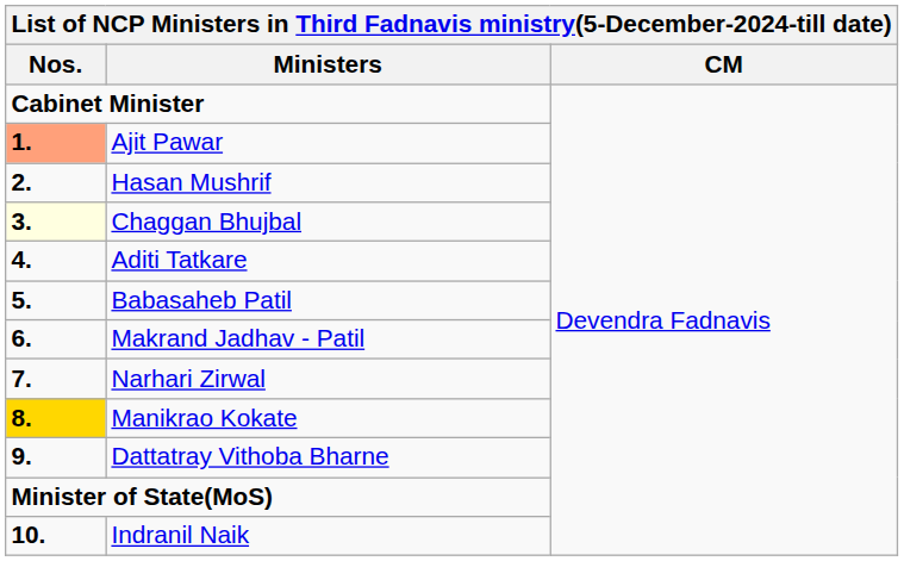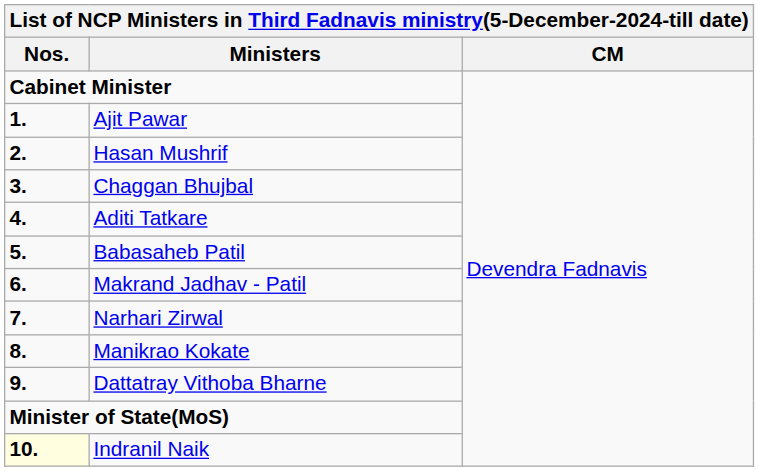 <table class="wikitable">
 <tr>
 <th colspan="3">List of NCP Ministers in <a href='#'>Third Fadnavis ministry</a>(5-December-2024-till date)</th>
 </tr>
 <tr>
 <th>Nos.</th>
 <th>Ministers</th>
 <th>CM</th>
 </tr>
 <tr>
 <td colspan="2"><strong>Cabinet Minister</strong></td>
 <td rowspan="12"><a href='#'>Devendra Fadnavis</a></td>
 </tr>
 <tr>
-<td style="background: lightsalmon;"><strong>1.</strong></td>
+<td><strong>1.</strong></td>
 <td><a href='#'>Ajit Pawar</a></td>
 </tr>
 <tr>
 <td><strong>2.</strong></td>
 <td><a href='#'>Hasan Mushrif</a></td>
 </tr>
 <tr>
-<td style="background: lightyellow;"><strong>3.</strong></td>
+<td><strong>3.</strong></td>
 <td><a href='#'>Chaggan Bhujbal</a></td>
 </tr>
 <tr>
 <td><strong>4.</strong></td>
 <td><a href='#'>Aditi Tatkare</a></td>
 </tr>
 <tr>
 <td><strong>5.</strong></td>
 <td><a href='#'>Babasaheb Patil</a></td>
 </tr>
 <tr>
 <td><strong>6.</strong></td>
 <td><a href='#'>Makrand Jadhav - Patil</a></td>
 </tr>
 <tr>
 <td><strong>7.</strong></td>
 <td><a href='#'>Narhari Zirwal</a></td>
 </tr>
 <tr>
-<td style="background: gold;"><strong>8.</strong></td>
+<td><strong>8.</strong></td>
 <td><a href='#'>Manikrao Kokate</a></td>
 </tr>
 <tr>
 <td><strong>9.</strong></td>
 <td><a href='#'>Dattatray Vithoba Bharne</a></td>
 </tr>
 <tr>
 <td colspan="2"><strong>Minister of State(MoS)</strong></td>
 </tr>
 <tr>
-<td><strong>10.</strong></td>
+<td style="background: lightyellow;"><strong>10.</strong></td>
 <td><a href='#'>Indranil Naik</a></td>
 </tr>
 </table>
